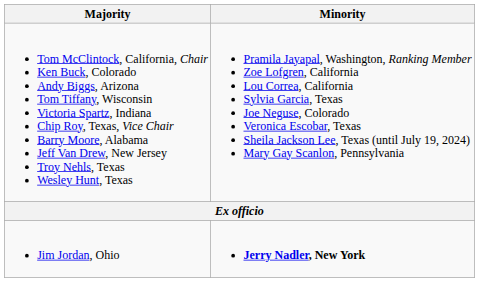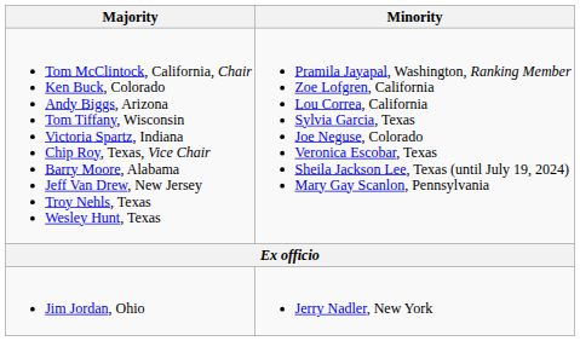 <table class=wikitable>
 <tr>
 <th>Majority</th>
 <th>Minority</th>
 </tr>
 <tr valign=top>
 <td><br><ul><li><a href='#'>Tom McClintock</a>, California, <em>Chair</em></li><li><a href='#'>Ken Buck</a>, Colorado</li><li><a href='#'>Andy Biggs</a>, Arizona</li><li><a href='#'>Tom Tiffany</a>, Wisconsin</li><li><a href='#'>Victoria Spartz</a>, Indiana</li><li><a href='#'>Chip Roy</a>, Texas, <em>Vice Chair</em></li><li><a href='#'>Barry Moore</a>, Alabama</li><li><a href='#'>Jeff Van Drew</a>, New Jersey</li><li><a href='#'>Troy Nehls</a>, Texas</li><li><a href='#'>Wesley Hunt</a>, Texas</li></ul></td>
 <td><br><ul><li><a href='#'>Pramila Jayapal</a>, Washington, <em>Ranking Member</em></li><li><a href='#'>Zoe Lofgren</a>, California</li><li><a href='#'>Lou Correa</a>, California</li><li><a href='#'>Sylvia Garcia</a>, Texas</li><li><a href='#'>Joe Neguse</a>, Colorado</li><li><a href='#'>Veronica Escobar</a>, Texas</li><li><a href='#'>Sheila Jackson Lee</a>, Texas (until July 19, 2024)</li><li><a href='#'>Mary Gay Scanlon</a>, Pennsylvania</li></ul></td>
 </tr>
 <tr>
 <th colspan=2><em>Ex officio</em></th>
 </tr>
 <tr>
 <td><br><ul><li><a href='#'>Jim Jordan</a>, Ohio</li></ul></td>
-<td><strong><br><ul><li><a href='#'>Jerry Nadler</a>, New York</li></ul></strong></td>
+<td><br><ul><li><a href='#'>Jerry Nadler</a>, New York</li></ul></td>
 </tr>
 </table>
